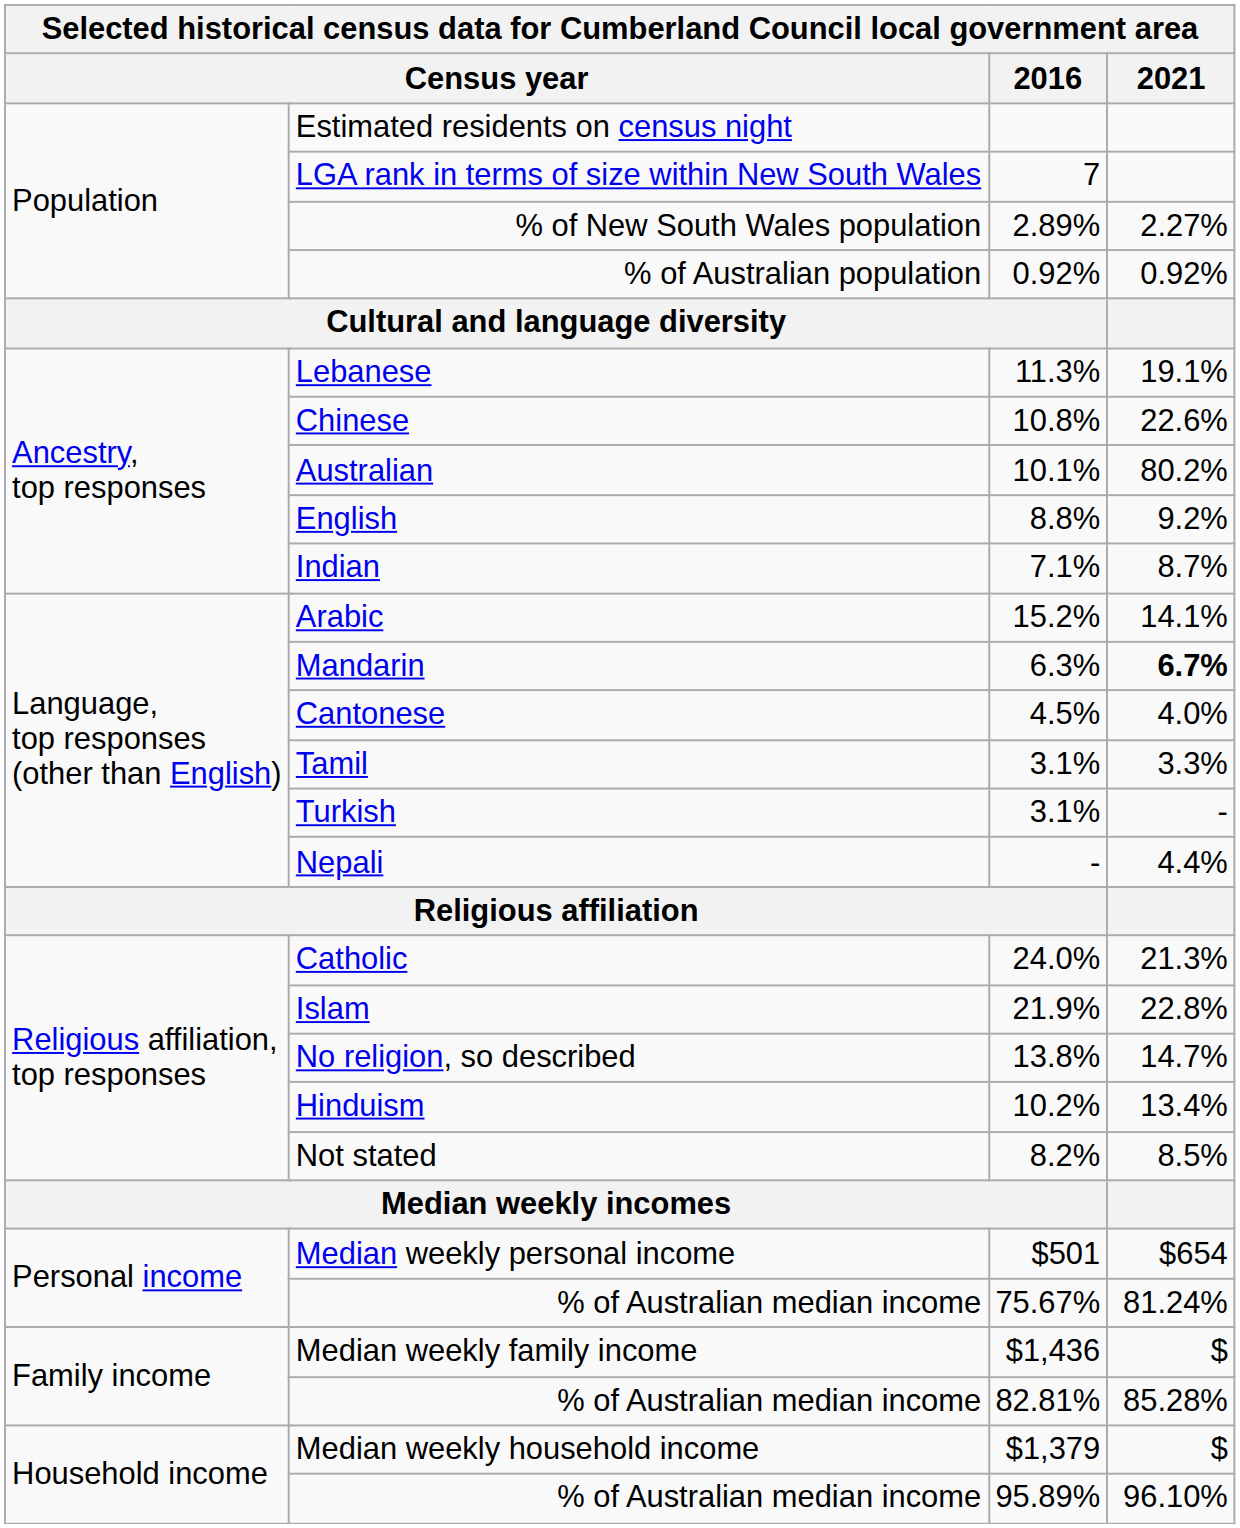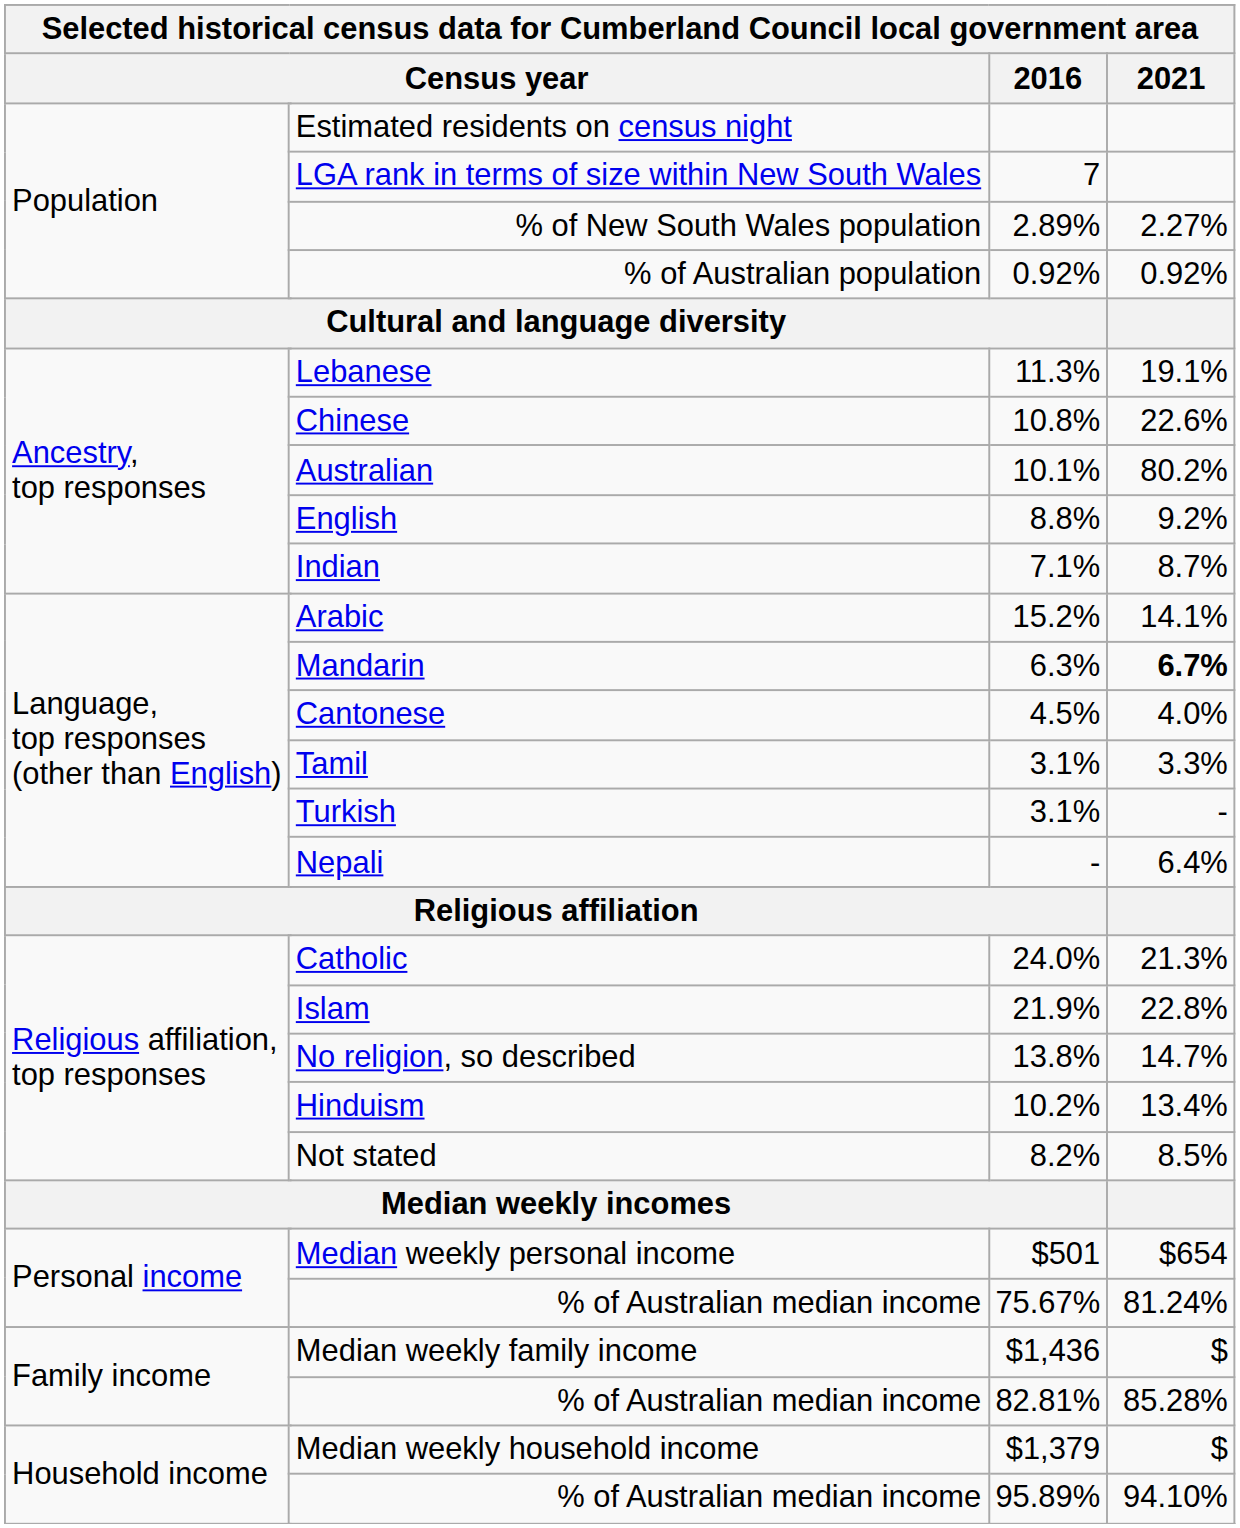 <table class="wikitable">
 <tr>
 <th colspan=7>Selected historical census data for Cumberland Council local government area</th>
 </tr>
 <tr>
 <th colspan=3>Census year</th>
 <th>2016</th>
 <th>2021</th>
 </tr>
 <tr>
 <td rowspan=4 colspan="2">Population</td>
 <td>Estimated residents on <a href='#'>census night</a></td>
 <td align="right"></td>
 <td align="right"> </td>
 </tr>
 <tr>
 <td align="right"><a href='#'>LGA rank in terms of size within New South Wales</a></td>
 <td align="right">7</td>
 <td align="right"></td>
 </tr>
 <tr>
 <td align="right">% of New South Wales population</td>
 <td align="right">2.89%</td>
 <td align="right"> 2.27%</td>
 </tr>
 <tr>
 <td align="right">% of Australian population</td>
 <td align="right">0.92%</td>
 <td align="right"> 0.92%</td>
 </tr>
 <tr>
 <th colspan=4>Cultural and language diversity</th>
 <th></th>
 </tr>
 <tr>
 <td rowspan=5 colspan=2><a href='#'>Ancestry</a>,<br>top responses</td>
 <td><a href='#'>Lebanese</a></td>
 <td align="right">11.3%</td>
 <td align="right"> 19.1%</td>
 </tr>
 <tr>
 <td><a href='#'>Chinese</a></td>
 <td align="right">10.8%</td>
 <td align="right"> 22.6%</td>
 </tr>
 <tr>
 <td><a href='#'>Australian</a></td>
 <td align="right">10.1%</td>
 <td align="right"> 80.2%</td>
 </tr>
 <tr>
 <td><a href='#'>English</a></td>
 <td align="right">8.8%</td>
 <td align="right"> 9.2%</td>
 </tr>
 <tr>
 <td><a href='#'>Indian</a></td>
 <td align="right">7.1%</td>
 <td align="right"> 8.7%</td>
 </tr>
 <tr>
 <td rowspan=6 colspan=2>Language,<br>top responses<br>(other than <a href='#'>English</a>)</td>
 <td><a href='#'>Arabic</a></td>
 <td align="right">15.2%</td>
 <td align="right"> 14.1%</td>
 </tr>
 <tr>
 <td><a href='#'>Mandarin</a></td>
 <td align="right">6.3%</td>
 <td align="right"><strong> 6.7%</strong></td>
 </tr>
 <tr>
 <td><a href='#'>Cantonese</a></td>
 <td align="right">4.5%</td>
 <td align="right"> 4.0%</td>
 </tr>
 <tr>
 <td><a href='#'>Tamil</a></td>
 <td align="right">3.1%</td>
 <td align="right"> 3.3%</td>
 </tr>
 <tr>
 <td><a href='#'>Turkish</a></td>
 <td align="right">3.1%</td>
 <td align="right">-</td>
 </tr>
 <tr>
 <td><a href='#'>Nepali</a></td>
 <td align="right">-</td>
-<td align="right">4.4%</td>
+<td align="right">6.4%</td>
 </tr>
 <tr>
 <th colspan=4>Religious affiliation</th>
 <th></th>
 </tr>
 <tr>
 <td rowspan=5 colspan=2><a href='#'>Religious</a> affiliation,<br>top responses</td>
 <td><a href='#'>Catholic</a></td>
 <td align="right">24.0%</td>
 <td align="right"> 21.3%</td>
 </tr>
 <tr>
 <td><a href='#'>Islam</a></td>
 <td align="right">21.9%</td>
 <td align="right"> 22.8%</td>
 </tr>
 <tr>
 <td><a href='#'>No religion</a>, so described</td>
 <td align="right">13.8%</td>
 <td align="right"> 14.7%</td>
 </tr>
 <tr>
 <td><a href='#'>Hinduism</a></td>
 <td align="right">10.2%</td>
 <td align="right"> 13.4%</td>
 </tr>
 <tr>
 <td>Not stated</td>
 <td align="right">8.2%</td>
 <td align="right"> 8.5%</td>
 </tr>
 <tr>
 <th colspan=4>Median weekly incomes</th>
 <th></th>
 </tr>
 <tr>
 <td rowspan=2 colspan=2>Personal <a href='#'>income</a></td>
 <td><a href='#'>Median</a> weekly personal income</td>
 <td align="right">$501</td>
 <td align="right"> $654</td>
 </tr>
 <tr>
 <td align="right">% of Australian median income</td>
 <td align="right">75.67%</td>
 <td align="right"> 81.24%</td>
 </tr>
 <tr>
 <td rowspan=2 colspan=2>Family income</td>
 <td>Median weekly family income</td>
 <td align="right">$1,436</td>
 <td align="right"> $</td>
 </tr>
 <tr>
 <td align="right">% of Australian median income</td>
 <td align="right">82.81%</td>
 <td align="right"> 85.28%</td>
 </tr>
 <tr>
 <td rowspan=2 colspan=2>Household income</td>
 <td>Median weekly household income</td>
 <td align="right">$1,379</td>
 <td align="right"> $</td>
 </tr>
 <tr>
 <td align="right">% of Australian median income</td>
 <td align="right">95.89%</td>
-<td align="right"> 96.10%</td>
+<td align="right"> 94.10%</td>
 </tr>
 <tr>
 </tr>
 </table>
